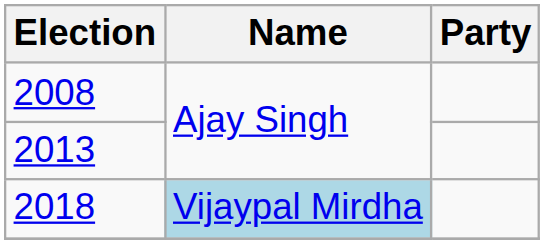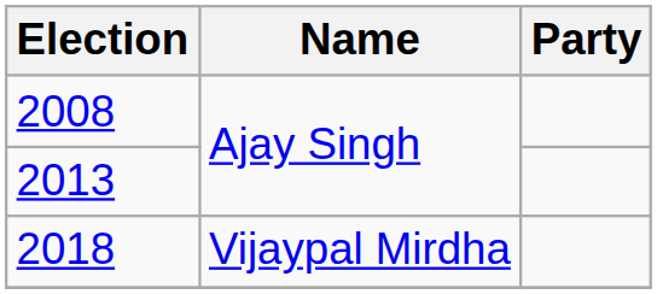 <table class="wikitable sortable">
 <tr>
 <th>Election</th>
 <th>Name</th>
 <th colspan=2>Party</th>
 </tr>
 <tr>
 <td><a href='#'>2008</a></td>
 <td rowspan=2><a href='#'>Ajay Singh</a></td>
 <td></td>
 </tr>
 <tr>
 <td><a href='#'>2013</a></td>
 </tr>
 <tr>
 <td><a href='#'>2018</a></td>
-<td style="background: lightblue;"><a href='#'>Vijaypal Mirdha</a></td>
+<td><a href='#'>Vijaypal Mirdha</a></td>
 <td></td>
 </tr>
 <tr>
 </tr>
 </table>
